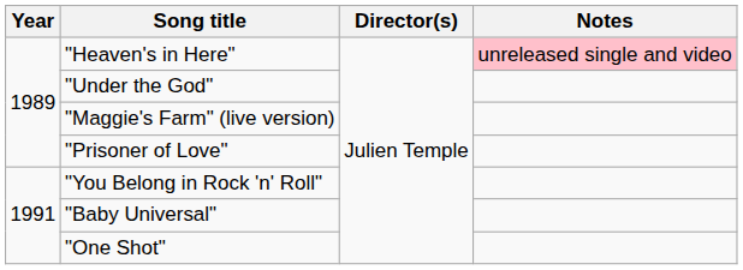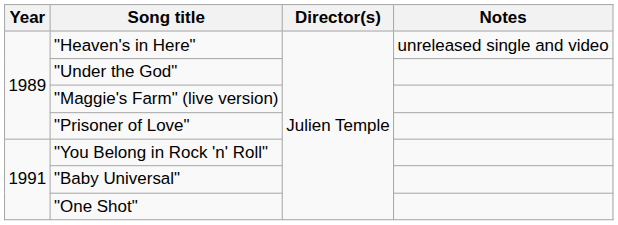 <table class="wikitable">
 <tr>
 <th style="width:1em;">Year</th>
 <th>Song title</th>
 <th>Director(s)</th>
 <th>Notes</th>
 </tr>
 <tr>
 <td rowspan="4">1989</td>
 <td>"Heaven's in Here"</td>
 <td rowspan="7">Julien Temple</td>
-<td style="background: pink;">unreleased single and video</td>
+<td>unreleased single and video</td>
 </tr>
 <tr>
 <td>"Under the God"</td>
 <td></td>
 </tr>
 <tr>
 <td>"Maggie's Farm" (live version)</td>
 <td></td>
 </tr>
 <tr>
 <td>"Prisoner of Love"</td>
 <td></td>
 </tr>
 <tr>
 <td rowspan="3">1991</td>
 <td>"You Belong in Rock 'n' Roll"</td>
 <td></td>
 </tr>
 <tr>
 <td>"Baby Universal"</td>
 <td></td>
 </tr>
 <tr>
 <td>"One Shot"</td>
 <td></td>
 </tr>
 </table>
